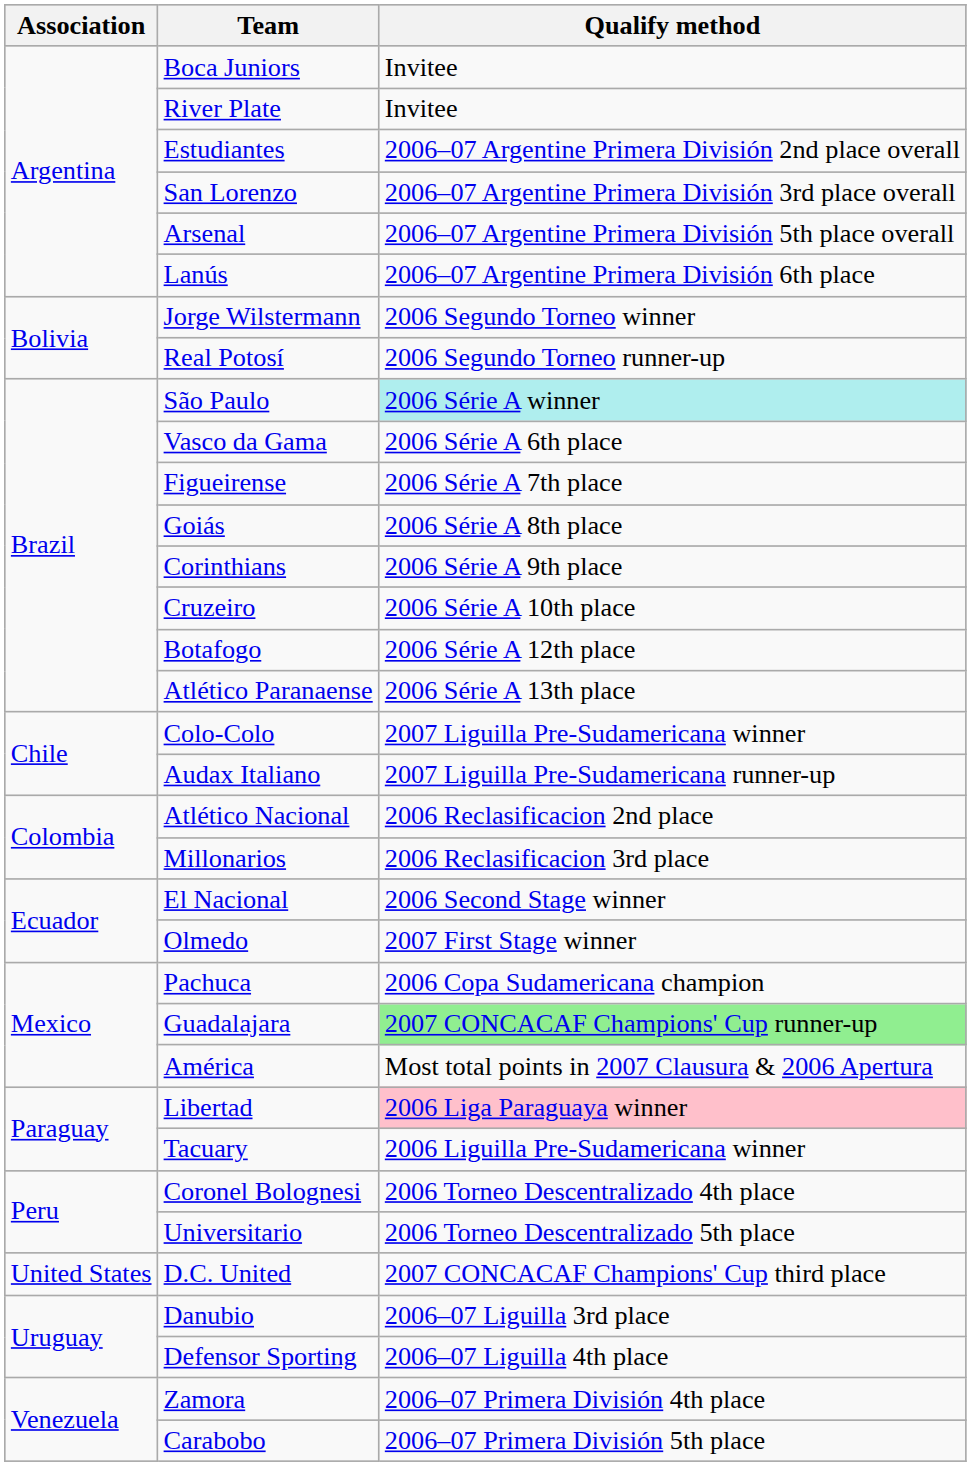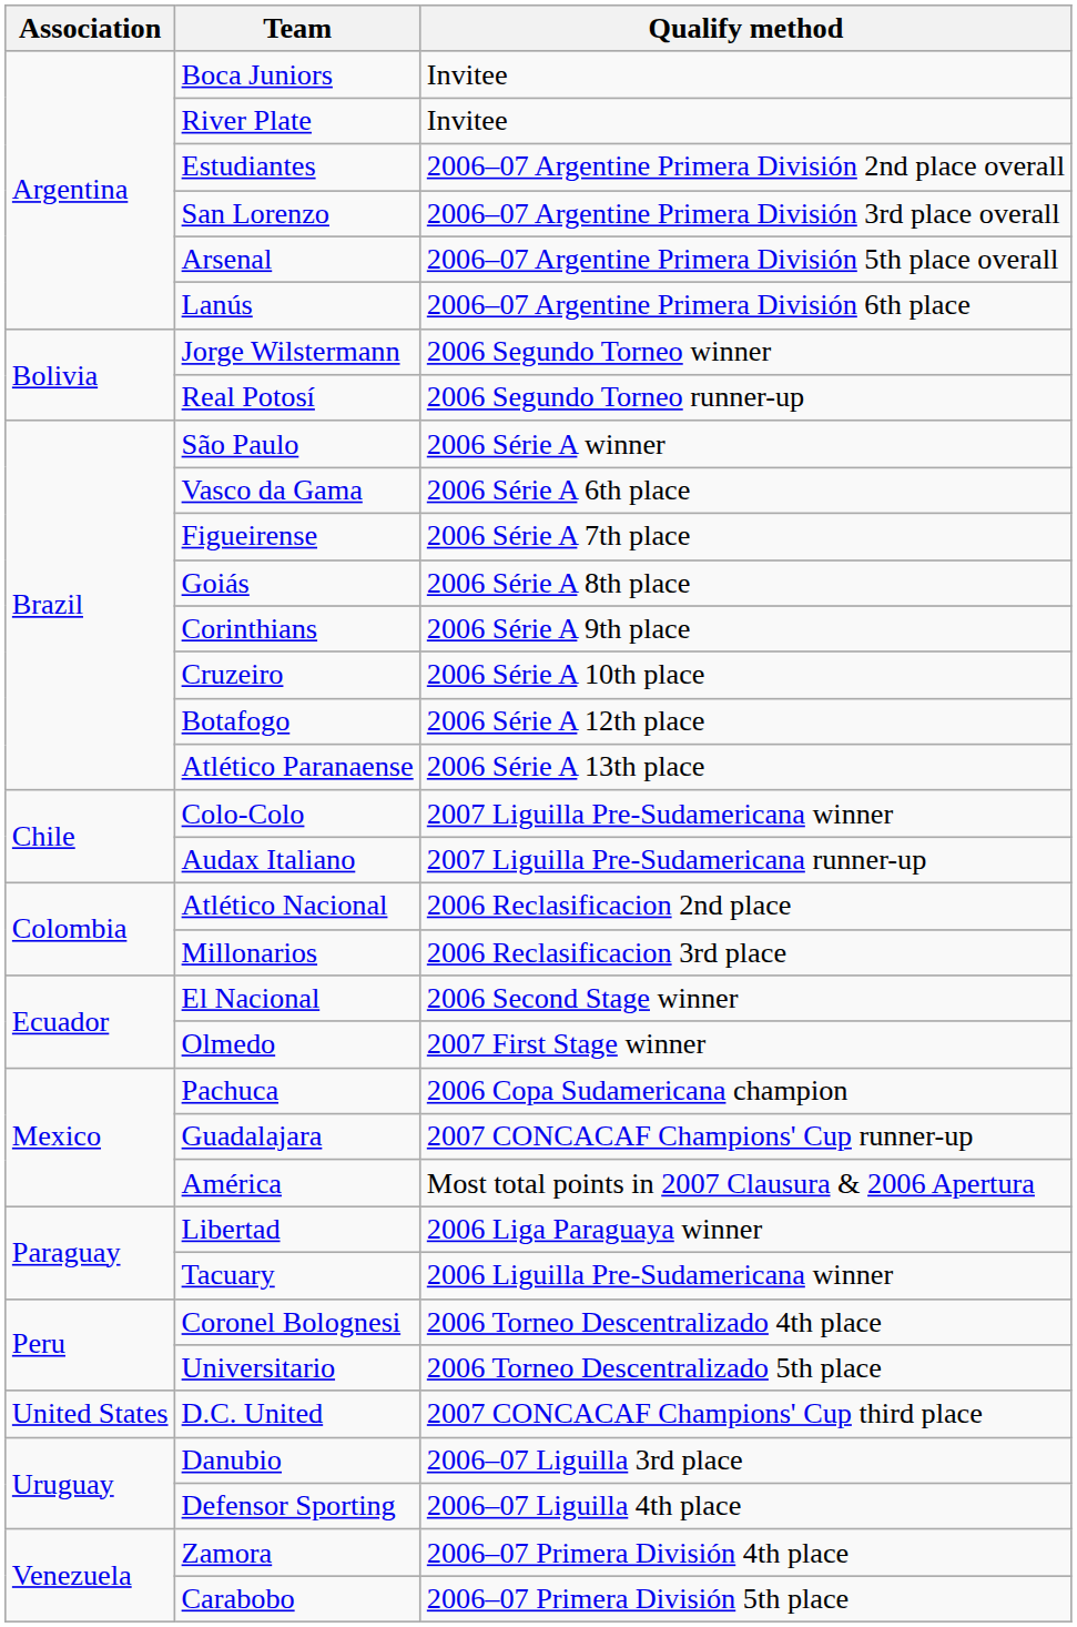 <table class="wikitable">
 <tr>
 <th>Association</th>
 <th>Team</th>
 <th>Qualify method</th>
 </tr>
 <tr>
 <td rowspan="6"> <a href='#'>Argentina</a></td>
 <td><a href='#'>Boca Juniors</a></td>
 <td>Invitee</td>
 </tr>
 <tr>
 <td><a href='#'>River Plate</a></td>
 <td>Invitee</td>
 </tr>
 <tr>
 <td><a href='#'>Estudiantes</a></td>
 <td><a href='#'>2006–07 Argentine Primera División</a> 2nd place overall</td>
 </tr>
 <tr>
 <td><a href='#'>San Lorenzo</a></td>
 <td><a href='#'>2006–07 Argentine Primera División</a> 3rd place overall</td>
 </tr>
 <tr>
 <td><a href='#'>Arsenal</a></td>
 <td><a href='#'>2006–07 Argentine Primera División</a> 5th place overall</td>
 </tr>
 <tr>
 <td><a href='#'>Lanús</a></td>
 <td><a href='#'>2006–07 Argentine Primera División</a> 6th place</td>
 </tr>
 <tr>
 <td rowspan="2"> <a href='#'>Bolivia</a></td>
 <td><a href='#'>Jorge Wilstermann</a></td>
 <td><a href='#'>2006 Segundo Torneo</a> winner</td>
 </tr>
 <tr>
 <td><a href='#'>Real Potosí</a></td>
 <td><a href='#'>2006 Segundo Torneo</a> runner-up</td>
 </tr>
 <tr>
 <td rowspan="8"> <a href='#'>Brazil</a></td>
 <td><a href='#'>São Paulo</a></td>
-<td style="background: paleturquoise;"><a href='#'>2006 Série A</a> winner</td>
+<td><a href='#'>2006 Série A</a> winner</td>
 </tr>
 <tr>
 <td><a href='#'>Vasco da Gama</a></td>
 <td><a href='#'>2006 Série A</a> 6th place</td>
 </tr>
 <tr>
 <td><a href='#'>Figueirense</a></td>
 <td><a href='#'>2006 Série A</a> 7th place</td>
 </tr>
 <tr>
 <td><a href='#'>Goiás</a></td>
 <td><a href='#'>2006 Série A</a> 8th place</td>
 </tr>
 <tr>
 <td><a href='#'>Corinthians</a></td>
 <td><a href='#'>2006 Série A</a> 9th place</td>
 </tr>
 <tr>
 <td><a href='#'>Cruzeiro</a></td>
 <td><a href='#'>2006 Série A</a> 10th place</td>
 </tr>
 <tr>
 <td><a href='#'>Botafogo</a></td>
 <td><a href='#'>2006 Série A</a> 12th place</td>
 </tr>
 <tr>
 <td><a href='#'>Atlético Paranaense</a></td>
 <td><a href='#'>2006 Série A</a> 13th place</td>
 </tr>
 <tr>
 <td rowspan="2"> <a href='#'>Chile</a></td>
 <td><a href='#'>Colo-Colo</a></td>
 <td><a href='#'>2007 Liguilla Pre-Sudamericana</a> winner</td>
 </tr>
 <tr>
 <td><a href='#'>Audax Italiano</a></td>
 <td><a href='#'>2007 Liguilla Pre-Sudamericana</a> runner-up</td>
 </tr>
 <tr>
 <td rowspan="2"> <a href='#'>Colombia</a></td>
 <td><a href='#'>Atlético Nacional</a></td>
 <td><a href='#'>2006 Reclasificacion</a> 2nd place</td>
 </tr>
 <tr>
 <td><a href='#'>Millonarios</a></td>
 <td><a href='#'>2006 Reclasificacion</a> 3rd place</td>
 </tr>
 <tr>
 <td rowspan="2"> <a href='#'>Ecuador</a></td>
 <td><a href='#'>El Nacional</a></td>
 <td><a href='#'>2006 Second Stage</a> winner</td>
 </tr>
 <tr>
 <td><a href='#'>Olmedo</a></td>
 <td><a href='#'>2007 First Stage</a> winner</td>
 </tr>
 <tr>
 <td rowspan="3"> <a href='#'>Mexico</a></td>
 <td><a href='#'>Pachuca</a></td>
 <td><a href='#'>2006 Copa Sudamericana</a> champion</td>
 </tr>
 <tr>
 <td><a href='#'>Guadalajara</a></td>
-<td style="background: lightgreen;"><a href='#'>2007 CONCACAF Champions' Cup</a> runner-up</td>
+<td><a href='#'>2007 CONCACAF Champions' Cup</a> runner-up</td>
 </tr>
 <tr>
 <td><a href='#'>América</a></td>
 <td>Most total points in <a href='#'>2007 Clausura</a> & <a href='#'>2006 Apertura</a></td>
 </tr>
 <tr>
 <td rowspan="2"> <a href='#'>Paraguay</a></td>
 <td><a href='#'>Libertad</a></td>
-<td style="background: pink;"><a href='#'>2006 Liga Paraguaya</a> winner</td>
+<td><a href='#'>2006 Liga Paraguaya</a> winner</td>
 </tr>
 <tr>
 <td><a href='#'>Tacuary</a></td>
 <td><a href='#'>2006 Liguilla Pre-Sudamericana</a> winner</td>
 </tr>
 <tr>
 <td rowspan="2"> <a href='#'>Peru</a></td>
 <td><a href='#'>Coronel Bolognesi</a></td>
 <td><a href='#'>2006 Torneo Descentralizado</a> 4th place</td>
 </tr>
 <tr>
 <td><a href='#'>Universitario</a></td>
 <td><a href='#'>2006 Torneo Descentralizado</a> 5th place</td>
 </tr>
 <tr>
 <td rowspan="1"> <a href='#'>United States</a></td>
 <td><a href='#'>D.C. United</a></td>
 <td><a href='#'>2007 CONCACAF Champions' Cup</a> third place</td>
 </tr>
 <tr>
 <td rowspan="2"> <a href='#'>Uruguay</a></td>
 <td><a href='#'>Danubio</a></td>
 <td><a href='#'>2006–07 Liguilla</a> 3rd place</td>
 </tr>
 <tr>
 <td><a href='#'>Defensor Sporting</a></td>
 <td><a href='#'>2006–07 Liguilla</a> 4th place</td>
 </tr>
 <tr>
 <td rowspan="2"> <a href='#'>Venezuela</a></td>
 <td><a href='#'>Zamora</a></td>
 <td><a href='#'>2006–07 Primera División</a> 4th place</td>
 </tr>
 <tr>
 <td><a href='#'>Carabobo</a></td>
 <td><a href='#'>2006–07 Primera División</a> 5th place</td>
 </tr>
 </table>
